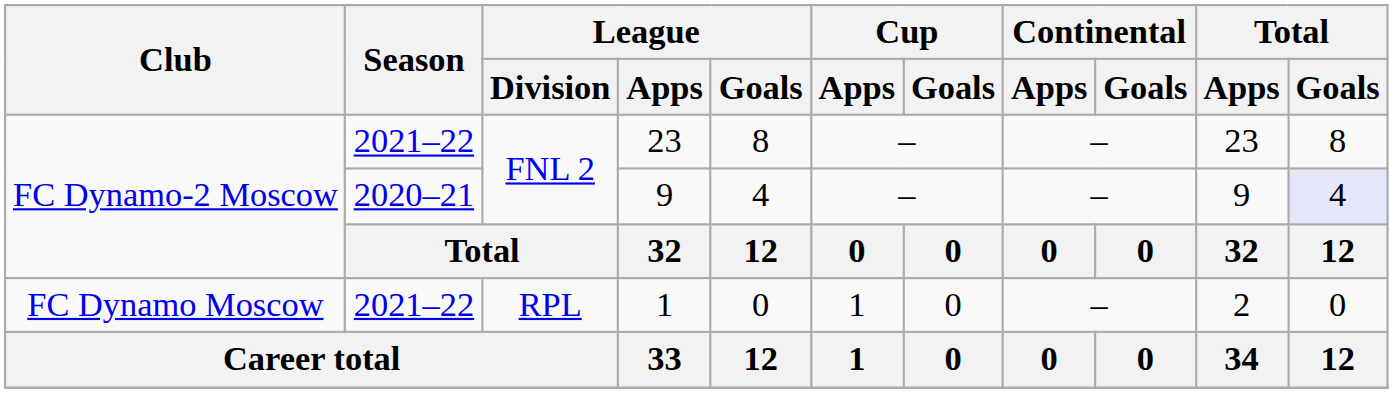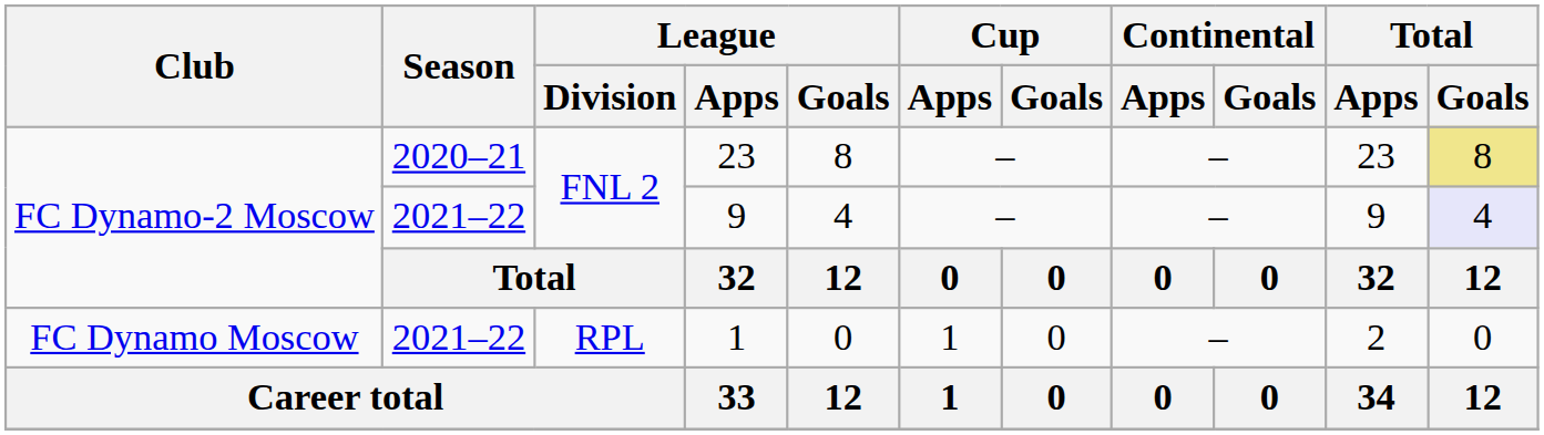 <table class="wikitable" style="text-align: center;">
 <tr>
 <th rowspan=2>Club</th>
 <th rowspan=2>Season</th>
 <th colspan=3>League</th>
 <th colspan=2>Cup</th>
 <th colspan=2>Continental</th>
 <th colspan=2>Total</th>
 </tr>
 <tr>
 <th>Division</th>
 <th>Apps</th>
 <th>Goals</th>
 <th>Apps</th>
 <th>Goals</th>
 <th>Apps</th>
 <th>Goals</th>
 <th>Apps</th>
 <th>Goals</th>
 </tr>
 <tr>
 <td rowspan="3"><a href='#'>FC Dynamo-2 Moscow</a></td>
-<td><a href='#'>2021–22</a></td>
+<td><a href='#'>2020–21</a></td>
 <td rowspan="2"><a href='#'>FNL 2</a></td>
 <td>23</td>
 <td>8</td>
 <td colspan=2>–</td>
 <td colspan=2>–</td>
 <td>23</td>
-<td>8</td>
+<td style="background: khaki;">8</td>
 </tr>
 <tr>
-<td><a href='#'>2020–21</a></td>
+<td><a href='#'>2021–22</a></td>
 <td>9</td>
 <td>4</td>
 <td colspan=2>–</td>
 <td colspan=2>–</td>
 <td>9</td>
 <td style="background: lavender;">4</td>
 </tr>
 <tr>
 <th colspan=2>Total</th>
 <th>32</th>
 <th>12</th>
 <th>0</th>
 <th>0</th>
 <th>0</th>
 <th>0</th>
 <th>32</th>
 <th>12</th>
 </tr>
 <tr>
 <td><a href='#'>FC Dynamo Moscow</a></td>
 <td><a href='#'>2021–22</a></td>
 <td><a href='#'>RPL</a></td>
 <td>1</td>
 <td>0</td>
 <td>1</td>
 <td>0</td>
 <td colspan=2>–</td>
 <td>2</td>
 <td>0</td>
 </tr>
 <tr>
 <th colspan=3>Career total</th>
 <th>33</th>
 <th>12</th>
 <th>1</th>
 <th>0</th>
 <th>0</th>
 <th>0</th>
 <th>34</th>
 <th>12</th>
 </tr>
 <tr>
 </tr>
 </table>
